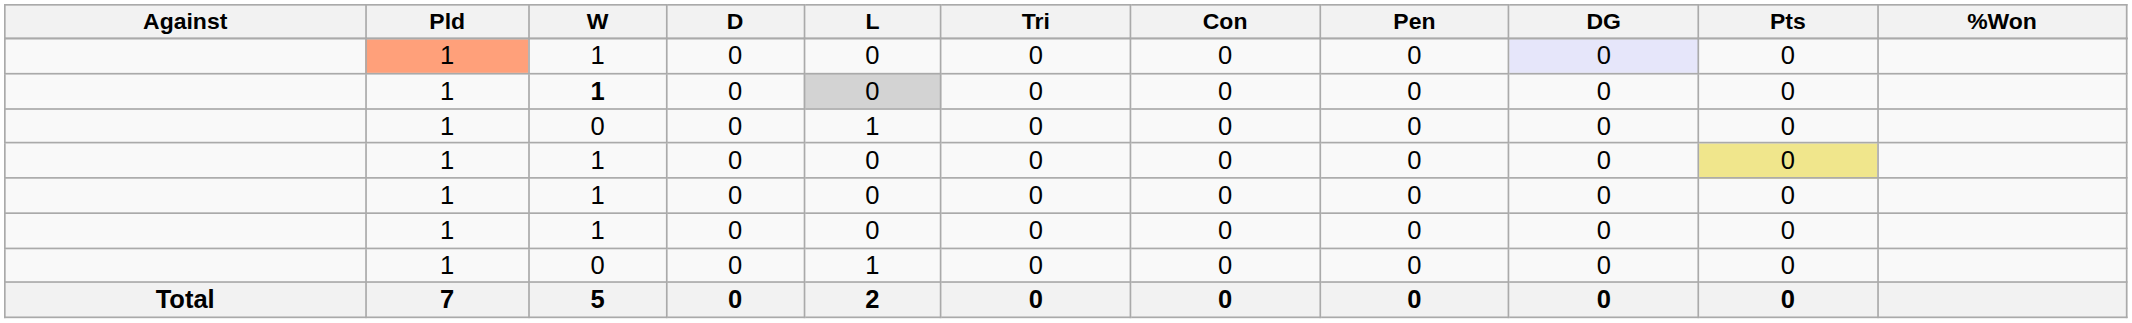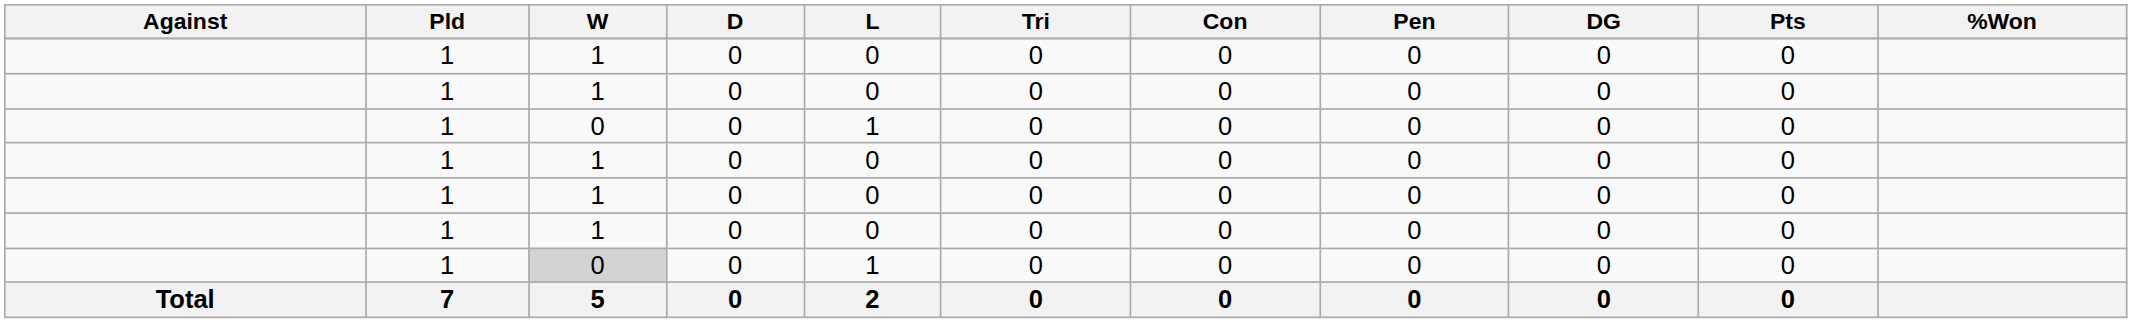 <table class="wikitable sortable" style="text-align:center; line-height:90%; font-size:95%; width:100%;">
 <tr>
 <th style="width:17%; font-size:90%;">Against</th>
 <th abbr="Played" style="width:25px; font-size:90%;">Pld</th>
 <th abbr="Won" style="width:20px; font-size:90%;">W</th>
 <th abbr="Drawn" style="width:20px; font-size:90%;">D</th>
 <th abbr="Lost" style="width:20px; font-size:90%;">L</th>
 <th abbr="Tries" style="width:30px; font-size:90%;">Tri</th>
 <th abbr="Conversions" style="width:30px; font-size:90%;">Con</th>
 <th abbr="Penalties" style="width:30px; font-size:90%;">Pen</th>
 <th abbr="Penalties" style="width:30px; font-size:90%;">DG</th>
 <th abbr="Points" style="width:28px; font-size:90%;">Pts</th>
 <th abbr="Won" style="width:28px; font-size:90%;">%Won</th>
 </tr>
 <tr bgcolor="#d0ffd0" align="center">
-</tr>
-<tr>
-<td align="left"></td>
-<td style="background: lightsalmon;">1</td>
-<td>1</td>
-<td>0</td>
-<td>0</td>
-<td>0</td>
-<td>0</td>
-<td>0</td>
-<td style="background: lavender;">0</td>
-<td>0</td>
-<td></td>
-</tr>
-<tr>
-<td align="left"></td>
-<td>1</td>
-<td><strong>1</strong></td>
-<td>0</td>
-<td style="background: lightgrey;">0</td>
-<td>0</td>
-<td>0</td>
-<td>0</td>
-<td>0</td>
-<td>0</td>
-<td></td>
-</tr>
-<tr>
-<td align="left"></td>
-<td>1</td>
-<td>0</td>
-<td>0</td>
-<td>1</td>
-<td>0</td>
-<td>0</td>
-<td>0</td>
-<td>0</td>
-<td>0</td>
-<td></td>
-</tr>
-<tr>
-<td align="left"></td>
-<td>1</td>
-<td>1</td>
-<td>0</td>
-<td>0</td>
-<td>0</td>
-<td>0</td>
-<td>0</td>
-<td>0</td>
-<td style="background: khaki;">0</td>
-<td></td>
 </tr>
 <tr>
 <td align="left"></td>
 <td>1</td>
 <td>1</td>
 <td>0</td>
 <td>0</td>
 <td>0</td>
 <td>0</td>
 <td>0</td>
 <td>0</td>
 <td>0</td>
 <td></td>
 </tr>
 <tr>
 <td align="left"></td>
 <td>1</td>
 <td>1</td>
 <td>0</td>
 <td>0</td>
 <td>0</td>
 <td>0</td>
 <td>0</td>
 <td>0</td>
 <td>0</td>
 <td></td>
 </tr>
 <tr>
 <td align="left"></td>
 <td>1</td>
 <td>0</td>
 <td>0</td>
 <td>1</td>
 <td>0</td>
 <td>0</td>
 <td>0</td>
 <td>0</td>
 <td>0</td>
 <td></td>
 </tr>
 <tr>
+<td align="left"></td>
+<td>1</td>
+<td>1</td>
+<td>0</td>
+<td>0</td>
+<td>0</td>
+<td>0</td>
+<td>0</td>
+<td>0</td>
+<td>0</td>
+<td></td>
+</tr>
+<tr>
+<td align="left"></td>
+<td>1</td>
+<td>1</td>
+<td>0</td>
+<td>0</td>
+<td>0</td>
+<td>0</td>
+<td>0</td>
+<td>0</td>
+<td>0</td>
+<td></td>
+</tr>
+<tr>
+<td align="left"></td>
+<td>1</td>
+<td>1</td>
+<td>0</td>
+<td>0</td>
+<td>0</td>
+<td>0</td>
+<td>0</td>
+<td>0</td>
+<td>0</td>
+<td></td>
+</tr>
+<tr>
+<td align="left"></td>
+<td>1</td>
+<td style="background: lightgrey;">0</td>
+<td>0</td>
+<td>1</td>
+<td>0</td>
+<td>0</td>
+<td>0</td>
+<td>0</td>
+<td>0</td>
+<td></td>
+</tr>
+<tr>
 <th>Total</th>
 <th>7</th>
 <th>5</th>
 <th>0</th>
 <th>2</th>
 <th>0</th>
 <th>0</th>
 <th>0</th>
 <th>0</th>
 <th>0</th>
 <th></th>
 </tr>
 </table>
